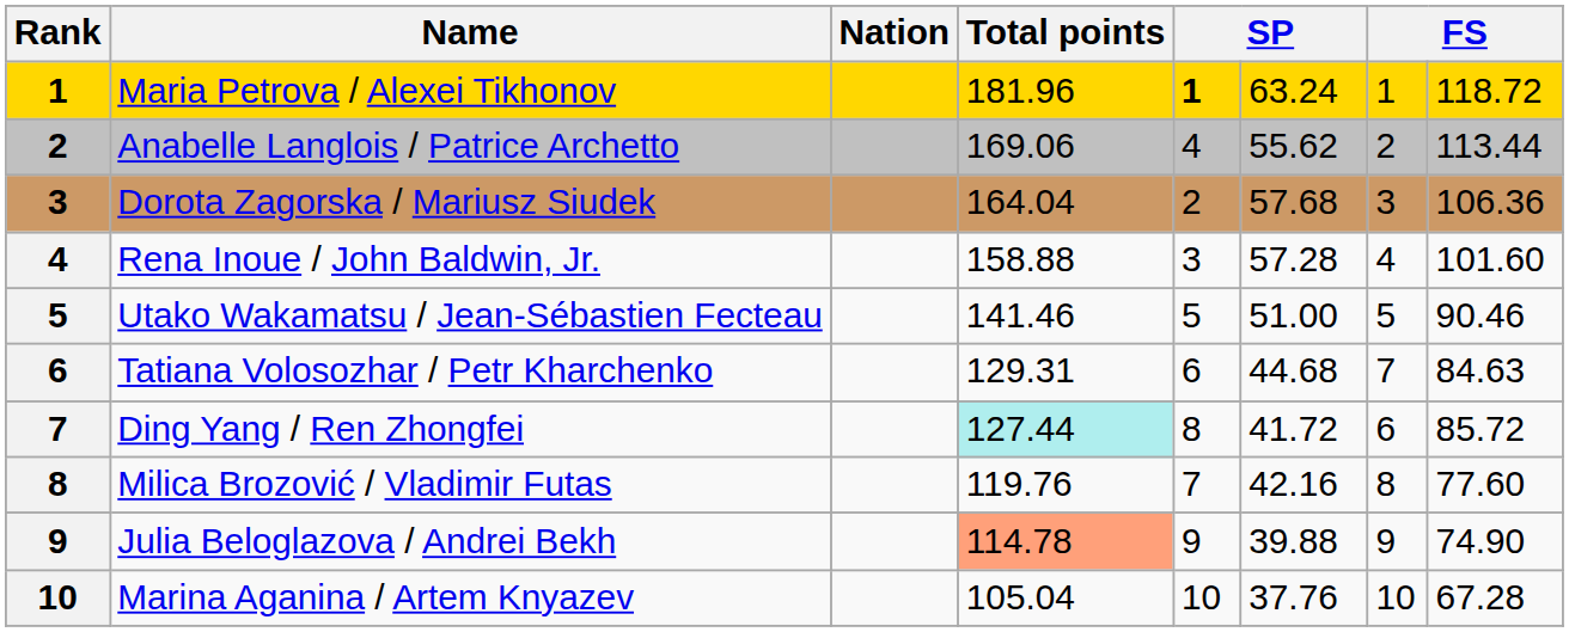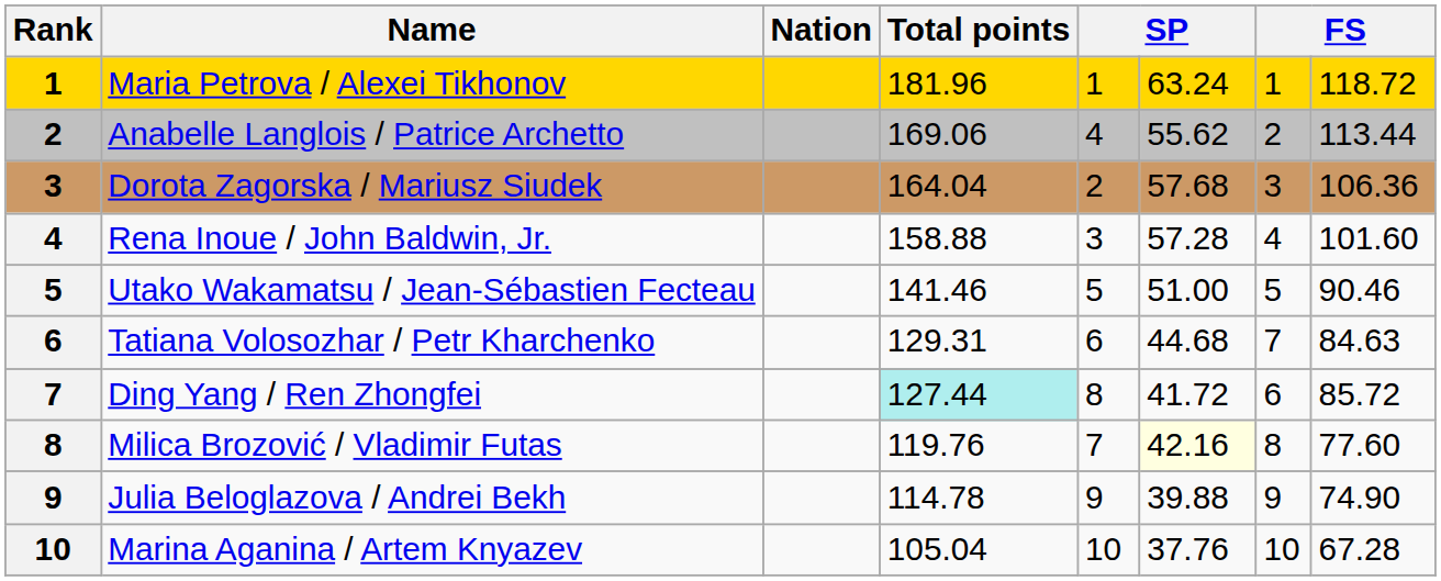 <table class="wikitable">
 <tr>
 <th>Rank</th>
 <th>Name</th>
 <th>Nation</th>
 <th>Total points</th>
 <th colspan="2" width="80px"><a href='#'>SP</a></th>
 <th colspan="2" width="80px"><a href='#'>FS</a></th>
 </tr>
 <tr bgcolor="gold">
 <td align="center"><strong>1</strong></td>
 <td><a href='#'>Maria Petrova</a> / <a href='#'>Alexei Tikhonov</a></td>
 <td></td>
 <td>181.96</td>
-<td><strong>1</strong></td>
+<td>1</td>
 <td>63.24</td>
 <td>1</td>
 <td>118.72</td>
 </tr>
 <tr bgcolor="silver">
 <td align="center"><strong>2</strong></td>
 <td><a href='#'>Anabelle Langlois</a> / <a href='#'>Patrice Archetto</a></td>
 <td></td>
 <td>169.06</td>
 <td>4</td>
 <td>55.62</td>
 <td>2</td>
 <td>113.44</td>
 </tr>
 <tr bgcolor="cc9966">
 <td align="center"><strong>3</strong></td>
 <td><a href='#'>Dorota Zagorska</a> / <a href='#'>Mariusz Siudek</a></td>
 <td></td>
 <td>164.04</td>
 <td>2</td>
 <td>57.68</td>
 <td>3</td>
 <td>106.36</td>
 </tr>
 <tr>
 <th>4</th>
 <td><a href='#'>Rena Inoue</a> / <a href='#'>John Baldwin, Jr.</a></td>
 <td></td>
 <td>158.88</td>
 <td>3</td>
 <td>57.28</td>
 <td>4</td>
 <td>101.60</td>
 </tr>
 <tr>
 <th>5</th>
 <td><a href='#'>Utako Wakamatsu</a> / <a href='#'>Jean-Sébastien Fecteau</a></td>
 <td></td>
 <td>141.46</td>
 <td>5</td>
 <td>51.00</td>
 <td>5</td>
 <td>90.46</td>
 </tr>
 <tr>
 <th>6</th>
 <td><a href='#'>Tatiana Volosozhar</a> / <a href='#'>Petr Kharchenko</a></td>
 <td></td>
 <td>129.31</td>
 <td>6</td>
 <td>44.68</td>
 <td>7</td>
 <td>84.63</td>
 </tr>
 <tr>
 <th>7</th>
 <td><a href='#'>Ding Yang</a> / <a href='#'>Ren Zhongfei</a></td>
 <td></td>
 <td style="background: paleturquoise;">127.44</td>
 <td>8</td>
 <td>41.72</td>
 <td>6</td>
 <td>85.72</td>
 </tr>
 <tr>
 <th>8</th>
 <td><a href='#'>Milica Brozović</a> / <a href='#'>Vladimir Futas</a></td>
 <td></td>
 <td>119.76</td>
 <td>7</td>
-<td>42.16</td>
+<td style="background: lightyellow;">42.16</td>
 <td>8</td>
 <td>77.60</td>
 </tr>
 <tr>
 <th>9</th>
 <td><a href='#'>Julia Beloglazova</a> / <a href='#'>Andrei Bekh</a></td>
 <td></td>
-<td style="background: lightsalmon;">114.78</td>
+<td>114.78</td>
 <td>9</td>
 <td>39.88</td>
 <td>9</td>
 <td>74.90</td>
 </tr>
 <tr>
 <th>10</th>
 <td><a href='#'>Marina Aganina</a> / <a href='#'>Artem Knyazev</a></td>
 <td></td>
 <td>105.04</td>
 <td>10</td>
 <td>37.76</td>
 <td>10</td>
 <td>67.28</td>
 </tr>
 </table>
